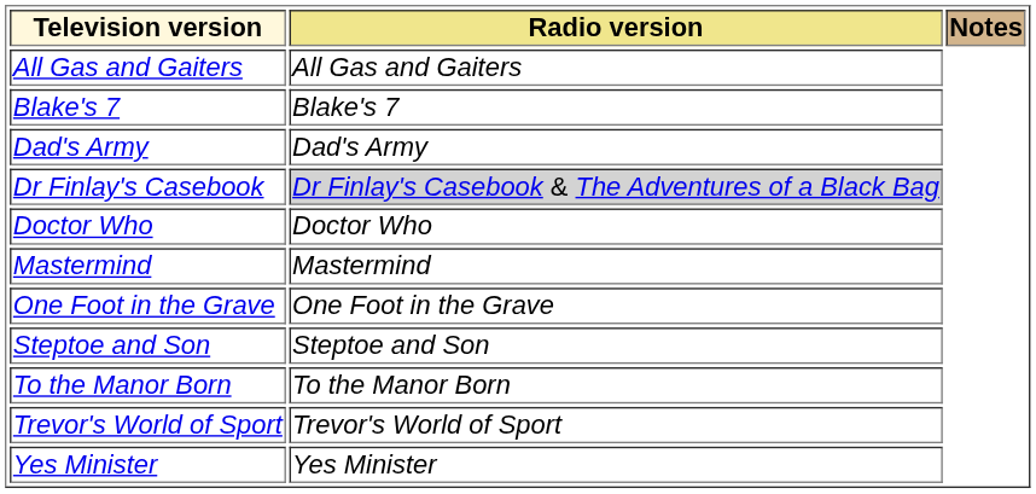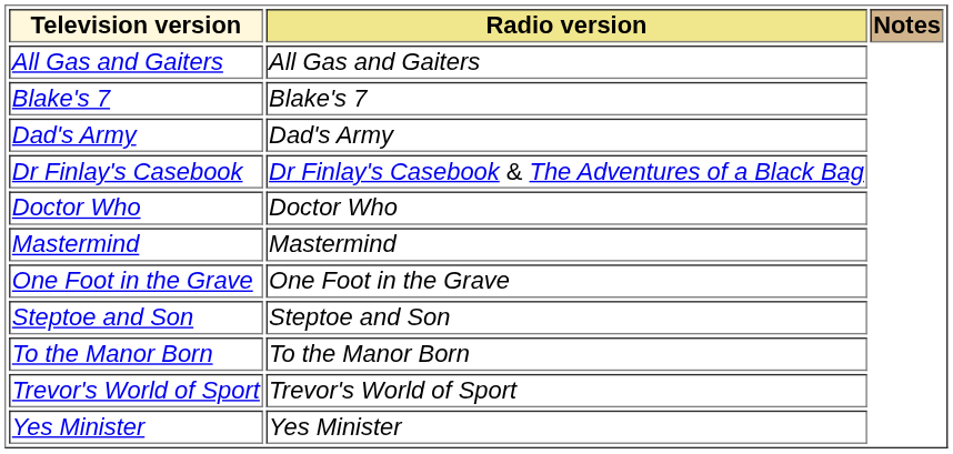 <table border="1">
 <tr>
 <th style="background:cornsilk;"><strong>Television version</strong></th>
 <th style="background:khaki;"><strong>Radio version</strong></th>
 <th style="background:tan;"><strong>Notes </strong></th>
 </tr>
 <tr>
 <td><em><a href='#'>All Gas and Gaiters</a></em></td>
 <td><em>All Gas and Gaiters</em></td>
 </tr>
 <tr>
 <td><em><a href='#'>Blake's 7</a></em></td>
 <td><em>Blake's 7</em></td>
 </tr>
 <tr>
 <td><em><a href='#'>Dad's Army</a></em></td>
 <td><em>Dad's Army </em></td>
 </tr>
 <tr>
 <td><em><a href='#'>Dr Finlay's Casebook</a></em></td>
-<td style="background: lightgrey;"><em><a href='#'>Dr Finlay's Casebook</a></em> & <em><a href='#'>The Adventures of a Black Bag</a></em></td>
+<td><em><a href='#'>Dr Finlay's Casebook</a></em> & <em><a href='#'>The Adventures of a Black Bag</a></em></td>
 </tr>
 <tr>
 <td><em><a href='#'>Doctor Who</a></em></td>
 <td><em>Doctor Who</em></td>
 </tr>
 <tr>
 <td><em><a href='#'>Mastermind</a></em></td>
 <td><em>Mastermind</em></td>
 </tr>
 <tr>
 <td><em><a href='#'>One Foot in the Grave</a></em></td>
 <td><em>One Foot in the Grave</em></td>
 </tr>
 <tr>
 <td><em><a href='#'>Steptoe and Son</a></em></td>
 <td><em>Steptoe and Son</em></td>
 </tr>
 <tr>
 <td><em><a href='#'>To the Manor Born</a></em></td>
 <td><em>To the Manor Born</em></td>
 </tr>
 <tr>
 <td><em><a href='#'>Trevor's World of Sport</a></em></td>
 <td><em>Trevor's World of Sport</em></td>
 </tr>
 <tr>
 <td><em><a href='#'>Yes Minister</a></em></td>
 <td><em>Yes Minister</em></td>
 </tr>
 </table>
